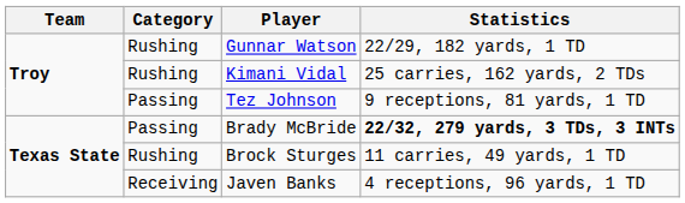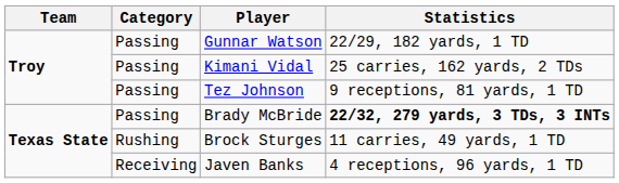 <table class="wikitable" style="float: left;">
 <tr>
 <th>Team</th>
 <th>Category</th>
 <th>Player</th>
 <th>Statistics</th>
 </tr>
 <tr>
 <td rowspan=3><strong>Troy</strong></td>
-<td>Rushing</td>
+<td>Passing</td>
 <td><a href='#'>Gunnar Watson</a></td>
 <td>22/29, 182 yards, 1 TD</td>
 </tr>
 <tr>
-<td>Rushing</td>
+<td>Passing</td>
 <td><a href='#'>Kimani Vidal</a></td>
 <td>25 carries, 162 yards, 2 TDs</td>
 </tr>
 <tr>
 <td>Passing</td>
 <td><a href='#'>Tez Johnson</a></td>
 <td>9 receptions, 81 yards, 1 TD</td>
 </tr>
 <tr>
 <td rowspan=3><strong>Texas State</strong></td>
 <td>Passing</td>
 <td>Brady McBride</td>
 <td><strong>22/32, 279 yards, 3 TDs, 3 INTs</strong></td>
 </tr>
 <tr>
 <td>Rushing</td>
 <td>Brock Sturges</td>
 <td>11 carries, 49 yards, 1 TD</td>
 </tr>
 <tr>
 <td>Receiving</td>
 <td>Javen Banks</td>
 <td>4 receptions, 96 yards, 1 TD</td>
 </tr>
 </table>
